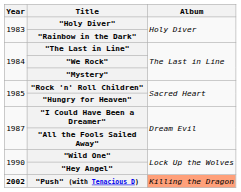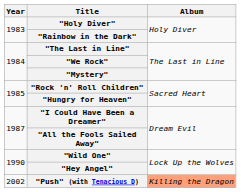 <table class="wikitable plainrowheaders">
 <tr>
 <th scope="col">Year</th>
 <th scope="col" style="width:15em;">Title</th>
 <th scope="col">Album</th>
 </tr>
 <tr>
 <td rowspan="2">1983</td>
 <th scope="row">"Holy Diver"</th>
 <td rowspan="2"><em>Holy Diver</em></td>
 </tr>
 <tr>
 <th scope="row">"Rainbow in the Dark"</th>
 </tr>
 <tr>
 <td rowspan="3">1984</td>
 <th scope="row">"The Last in Line"</th>
 <td rowspan="3"><em>The Last in Line</em></td>
 </tr>
 <tr>
 <th scope="row">"We Rock"</th>
 </tr>
 <tr>
 <th scope="row">"Mystery"</th>
 </tr>
 <tr>
 <td rowspan="2">1985</td>
 <th scope="row">"Rock 'n' Roll Children"</th>
 <td rowspan="2"><em>Sacred Heart</em></td>
 </tr>
 <tr>
 <th scope="row">"Hungry for Heaven"</th>
 </tr>
 <tr>
 <td rowspan="2">1987</td>
 <th scope="row">"I Could Have Been a Dreamer"</th>
 <td rowspan="2"><em>Dream Evil</em></td>
 </tr>
 <tr>
 <th scope="row">"All the Fools Sailed Away"</th>
 </tr>
 <tr>
 <td rowspan="2">1990</td>
 <th scope="row">"Wild One"</th>
 <td rowspan="2"><em>Lock Up the Wolves</em></td>
 </tr>
 <tr>
 <th scope="row">"Hey Angel"</th>
 </tr>
 <tr>
-<td><strong>2002</strong></td>
+<td>2002</td>
 <th scope="row">"Push" <small>(with <a href='#'>Tenacious D</a>)</small></th>
 <td style="background: lightsalmon;"><em>Killing the Dragon</em></td>
 </tr>
 </table>
